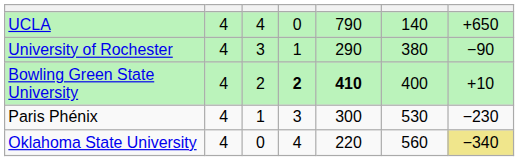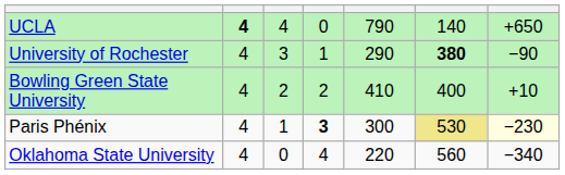 <table class="wikitable" style="text-align: center; font-size: 85%;">
 <tr>
 <th width=165></th>
 <th width=25></th>
 <th width=25></th>
 <th width=25></th>
 <th width=50></th>
 <th width=50></th>
 <th width=50></th>
 </tr>
 <tr style="background:#BBF3BB;">
 <td style="text-align:left;"><a href='#'>UCLA</a></td>
-<td>4</td>
+<td><strong>4</strong></td>
 <td>4</td>
 <td>0</td>
 <td>790</td>
 <td>140</td>
 <td>+650</td>
 </tr>
 <tr style="background:#BBF3BB;">
 <td style="text-align:left;"><a href='#'>University of Rochester</a></td>
 <td>4</td>
 <td>3</td>
 <td>1</td>
 <td>290</td>
-<td>380</td>
+<td><strong>380</strong></td>
 <td>−90</td>
 </tr>
 <tr style="background:#BBF3BB;">
 <td style="text-align:left;"><a href='#'>Bowling Green State University</a></td>
 <td>4</td>
 <td>2</td>
-<td><strong>2</strong></td>
-<td><strong>410</strong></td>
+<td>2</td>
+<td>410</td>
 <td>400</td>
 <td>+10</td>
 </tr>
 <tr>
 <td style="text-align:left;">Paris Phénix</td>
 <td>4</td>
 <td>1</td>
-<td>3</td>
+<td><strong>3</strong></td>
 <td>300</td>
-<td>530</td>
-<td>−230</td>
+<td style="background: khaki;">530</td>
+<td style="background: lightyellow;">−230</td>
 </tr>
 <tr>
 <td style="text-align:left;"><a href='#'>Oklahoma State University</a></td>
 <td>4</td>
 <td>0</td>
 <td>4</td>
 <td>220</td>
 <td>560</td>
-<td style="background: khaki;">−340</td>
+<td>−340</td>
 </tr>
 </table>
